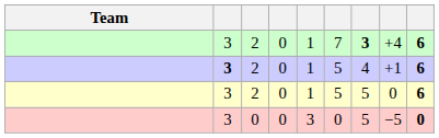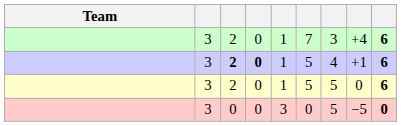 <table class="wikitable" style="text-align: center;">
 <tr>
 <th width=200>Team</th>
 <th width=20></th>
 <th width=20></th>
 <th width=20></th>
 <th width=20></th>
 <th width=20></th>
 <th width=20></th>
 <th width=20></th>
 <th width=20></th>
 </tr>
 <tr style="background:#ccffcc;">
 <td style="text-align:left;"></td>
 <td>3</td>
 <td>2</td>
 <td>0</td>
 <td>1</td>
 <td>7</td>
-<td><strong>3</strong></td>
+<td>3</td>
 <td>+4</td>
 <td><strong>6</strong></td>
 </tr>
 <tr style="background:#ccccff;">
 <td style="text-align:left;"></td>
-<td><strong>3</strong></td>
-<td>2</td>
-<td>0</td>
+<td>3</td>
+<td><strong>2</strong></td>
+<td><strong>0</strong></td>
 <td>1</td>
 <td>5</td>
 <td>4</td>
 <td>+1</td>
 <td><strong>6</strong></td>
 </tr>
 <tr style="background:#ffffcc;">
 <td style="text-align:left;"></td>
 <td>3</td>
 <td>2</td>
 <td>0</td>
 <td>1</td>
 <td>5</td>
 <td>5</td>
 <td>0</td>
 <td><strong>6</strong></td>
 </tr>
 <tr style="background:#ffcccc;">
 <td style="text-align:left;"></td>
 <td>3</td>
 <td>0</td>
 <td>0</td>
 <td>3</td>
 <td>0</td>
 <td>5</td>
 <td>−5</td>
 <td><strong>0</strong></td>
 </tr>
 </table>
